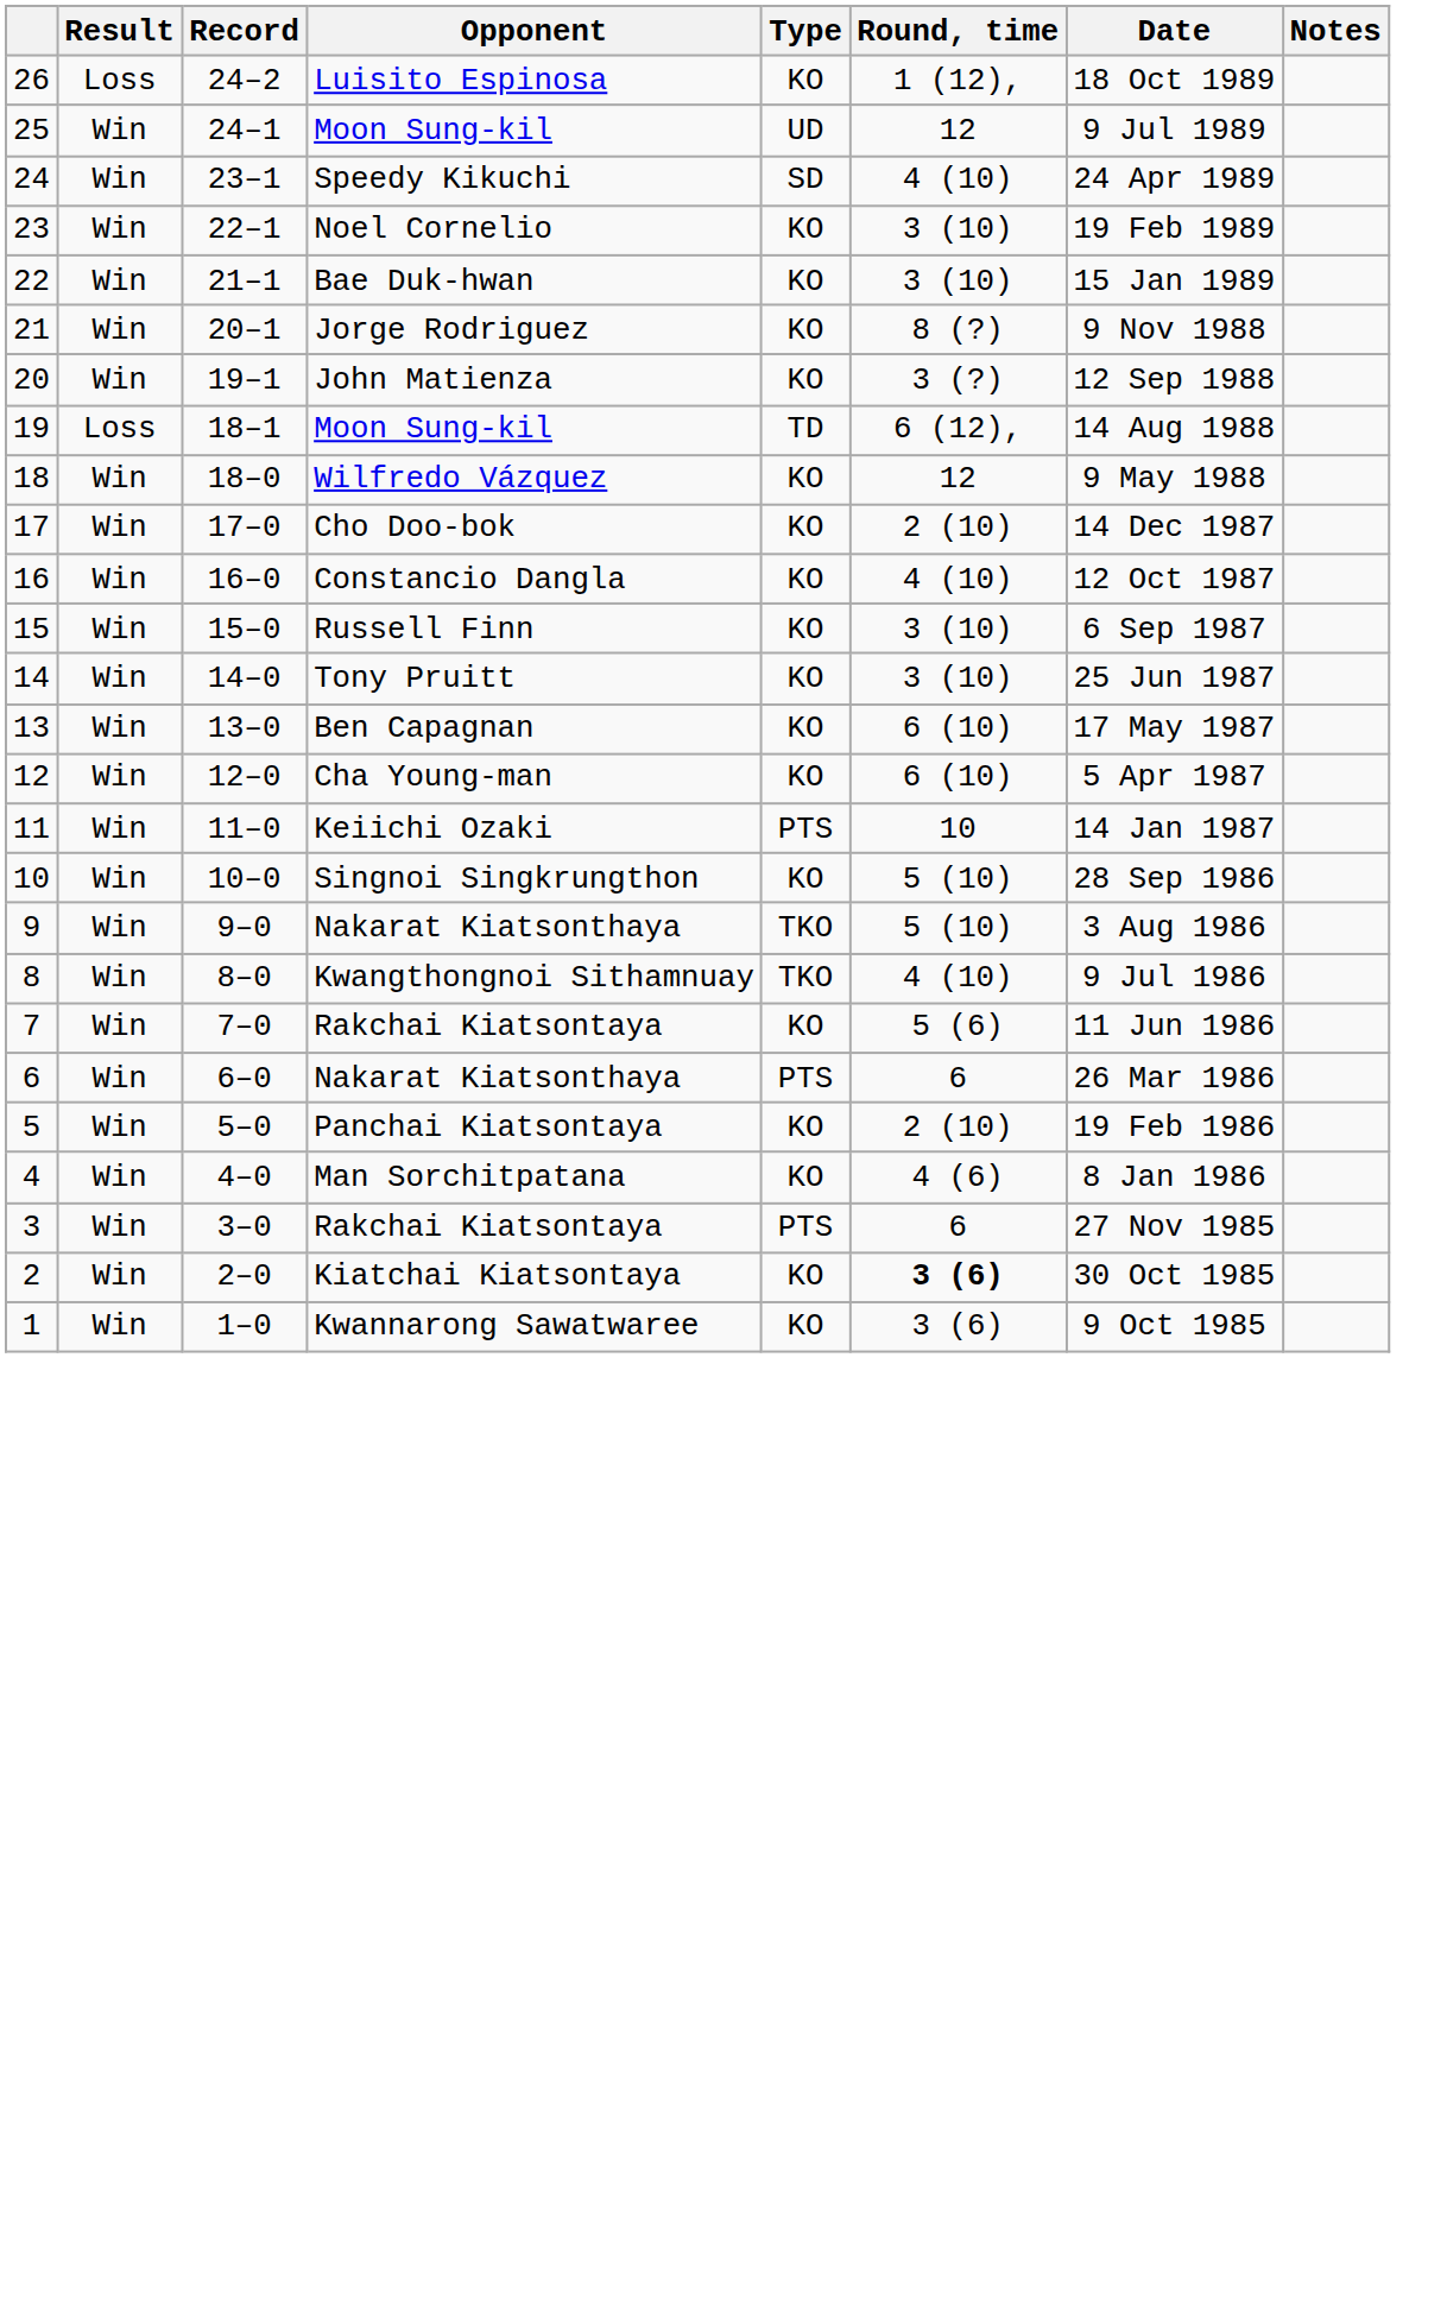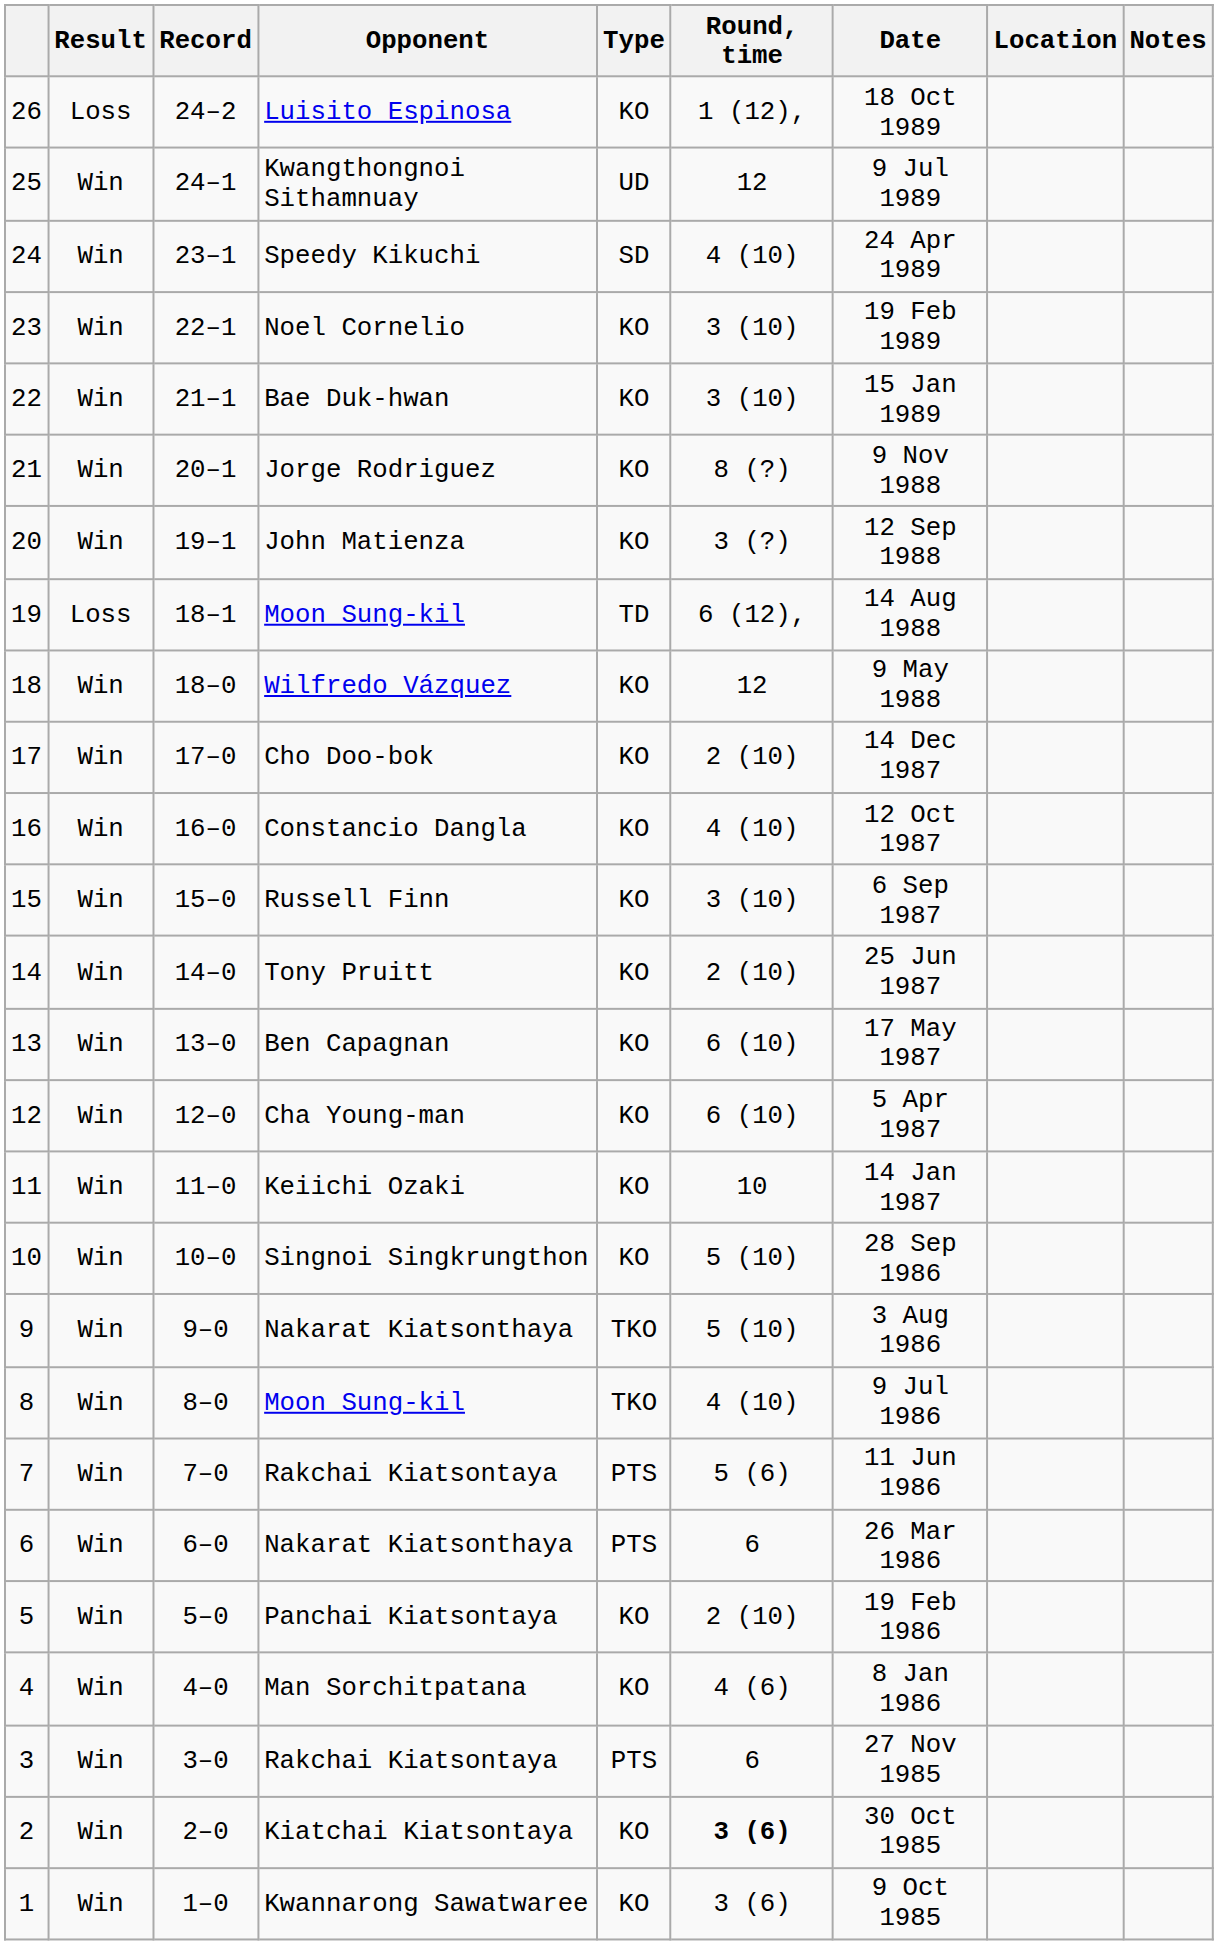 <table class="wikitable" style="text-align:center">
 <tr>
 <th></th>
 <th>Result</th>
 <th>Record</th>
 <th>Opponent</th>
 <th>Type</th>
 <th>Round, time</th>
 <th>Date</th>
+<th>Location</th>
 <th>Notes</th>
 </tr>
 <tr>
 <td>26</td>
 <td>Loss</td>
 <td>24–2</td>
 <td style="text-align:left;"><a href='#'>Luisito Espinosa</a></td>
 <td>KO</td>
 <td>1 (12), </td>
 <td>18 Oct 1989</td>
+<td style="text-align:left;"></td>
 <td align=left></td>
 </tr>
 <tr>
 <td>25</td>
 <td>Win</td>
 <td>24–1</td>
-<td style="text-align:left;"><a href='#'>Moon Sung-kil</a></td>
+<td style="text-align:left;">Kwangthongnoi Sithamnuay</td>
 <td>UD</td>
 <td>12</td>
 <td>9 Jul 1989</td>
+<td style="text-align:left;"></td>
 <td align=left></td>
 </tr>
 <tr>
 <td>24</td>
 <td>Win</td>
 <td>23–1</td>
 <td style="text-align:left;">Speedy Kikuchi</td>
 <td>SD</td>
 <td>4 (10)</td>
 <td>24 Apr 1989</td>
+<td style="text-align:left;"></td>
 <td></td>
 </tr>
 <tr>
 <td>23</td>
 <td>Win</td>
 <td>22–1</td>
 <td style="text-align:left;">Noel Cornelio</td>
 <td>KO</td>
 <td>3 (10)</td>
 <td>19 Feb 1989</td>
+<td style="text-align:left;"></td>
 <td></td>
 </tr>
 <tr>
 <td>22</td>
 <td>Win</td>
 <td>21–1</td>
 <td style="text-align:left;">Bae Duk-hwan</td>
 <td>KO</td>
 <td>3 (10)</td>
 <td>15 Jan 1989</td>
+<td style="text-align:left;"></td>
 <td></td>
 </tr>
 <tr>
 <td>21</td>
 <td>Win</td>
 <td>20–1</td>
 <td style="text-align:left;">Jorge Rodriguez</td>
 <td>KO</td>
 <td>8 (?)</td>
 <td>9 Nov 1988</td>
+<td style="text-align:left;"></td>
 <td></td>
 </tr>
 <tr>
 <td>20</td>
 <td>Win</td>
 <td>19–1</td>
 <td style="text-align:left;">John Matienza</td>
 <td>KO</td>
 <td>3 (?)</td>
 <td>12 Sep 1988</td>
+<td style="text-align:left;"></td>
 <td></td>
 </tr>
 <tr>
 <td>19</td>
 <td>Loss</td>
 <td>18–1</td>
 <td style="text-align:left;"><a href='#'>Moon Sung-kil</a></td>
 <td>TD</td>
 <td>6 (12), </td>
 <td>14 Aug 1988</td>
+<td style="text-align:left;"></td>
 <td align=left></td>
 </tr>
 <tr>
 <td>18</td>
 <td>Win</td>
 <td>18–0</td>
 <td style="text-align:left;"><a href='#'>Wilfredo Vázquez</a></td>
 <td>KO</td>
 <td>12</td>
 <td>9 May 1988</td>
+<td style="text-align:left;"></td>
 <td align=left></td>
 </tr>
 <tr>
 <td>17</td>
 <td>Win</td>
 <td>17–0</td>
 <td style="text-align:left;">Cho Doo-bok</td>
 <td>KO</td>
 <td>2 (10)</td>
 <td>14 Dec 1987</td>
+<td style="text-align:left;"></td>
 <td></td>
 </tr>
 <tr>
 <td>16</td>
 <td>Win</td>
 <td>16–0</td>
 <td style="text-align:left;">Constancio Dangla</td>
 <td>KO</td>
 <td>4 (10)</td>
 <td>12 Oct 1987</td>
+<td style="text-align:left;"></td>
 <td></td>
 </tr>
 <tr>
 <td>15</td>
 <td>Win</td>
 <td>15–0</td>
 <td style="text-align:left;">Russell Finn</td>
 <td>KO</td>
 <td>3 (10)</td>
 <td>6 Sep 1987</td>
+<td style="text-align:left;"></td>
 <td></td>
 </tr>
 <tr>
 <td>14</td>
 <td>Win</td>
 <td>14–0</td>
 <td style="text-align:left;">Tony Pruitt</td>
 <td>KO</td>
-<td>3 (10)</td>
+<td>2 (10)</td>
 <td>25 Jun 1987</td>
+<td style="text-align:left;"></td>
 <td></td>
 </tr>
 <tr>
 <td>13</td>
 <td>Win</td>
 <td>13–0</td>
 <td style="text-align:left;">Ben Capagnan</td>
 <td>KO</td>
 <td>6 (10)</td>
 <td>17 May 1987</td>
+<td style="text-align:left;"></td>
 <td></td>
 </tr>
 <tr>
 <td>12</td>
 <td>Win</td>
 <td>12–0</td>
 <td style="text-align:left;">Cha Young-man</td>
 <td>KO</td>
 <td>6 (10)</td>
 <td>5 Apr 1987</td>
+<td style="text-align:left;"></td>
 <td></td>
 </tr>
 <tr>
 <td>11</td>
 <td>Win</td>
 <td>11–0</td>
 <td style="text-align:left;">Keiichi Ozaki</td>
-<td>PTS</td>
+<td>KO</td>
 <td>10</td>
 <td>14 Jan 1987</td>
+<td style="text-align:left;"></td>
 <td></td>
 </tr>
 <tr>
 <td>10</td>
 <td>Win</td>
 <td>10–0</td>
 <td style="text-align:left;">Singnoi Singkrungthon</td>
 <td>KO</td>
 <td>5 (10)</td>
 <td>28 Sep 1986</td>
+<td style="text-align:left;"></td>
 <td align=left></td>
 </tr>
 <tr>
 <td>9</td>
 <td>Win</td>
 <td>9–0</td>
 <td style="text-align:left;">Nakarat Kiatsonthaya</td>
 <td>TKO</td>
 <td>5 (10)</td>
 <td>3 Aug 1986</td>
+<td style="text-align:left;"></td>
 <td align=left></td>
 </tr>
 <tr>
 <td>8</td>
 <td>Win</td>
 <td>8–0</td>
-<td style="text-align:left;">Kwangthongnoi Sithamnuay</td>
+<td style="text-align:left;"><a href='#'>Moon Sung-kil</a></td>
 <td>TKO</td>
 <td>4 (10)</td>
 <td>9 Jul 1986</td>
+<td style="text-align:left;"></td>
 <td align=left></td>
 </tr>
 <tr>
 <td>7</td>
 <td>Win</td>
 <td>7–0</td>
 <td style="text-align:left;">Rakchai Kiatsontaya</td>
-<td>KO</td>
+<td>PTS</td>
 <td>5 (6)</td>
 <td>11 Jun 1986</td>
+<td style="text-align:left;"></td>
 <td></td>
 </tr>
 <tr>
 <td>6</td>
 <td>Win</td>
 <td>6–0</td>
 <td style="text-align:left;">Nakarat Kiatsonthaya</td>
 <td>PTS</td>
 <td>6</td>
 <td>26 Mar 1986</td>
+<td style="text-align:left;"></td>
 <td></td>
 </tr>
 <tr>
 <td>5</td>
 <td>Win</td>
 <td>5–0</td>
 <td style="text-align:left;">Panchai Kiatsontaya</td>
 <td>KO</td>
 <td>2 (10)</td>
 <td>19 Feb 1986</td>
+<td style="text-align:left;"></td>
 <td></td>
 </tr>
 <tr>
 <td>4</td>
 <td>Win</td>
 <td>4–0</td>
 <td style="text-align:left;">Man Sorchitpatana</td>
 <td>KO</td>
 <td>4 (6)</td>
 <td>8 Jan 1986</td>
+<td style="text-align:left;"></td>
 <td></td>
 </tr>
 <tr>
 <td>3</td>
 <td>Win</td>
 <td>3–0</td>
 <td style="text-align:left;">Rakchai Kiatsontaya</td>
 <td>PTS</td>
 <td>6</td>
 <td>27 Nov 1985</td>
+<td style="text-align:left;"></td>
 <td></td>
 </tr>
 <tr>
 <td>2</td>
 <td>Win</td>
 <td>2–0</td>
 <td style="text-align:left;">Kiatchai Kiatsontaya</td>
 <td>KO</td>
 <td><strong>3 (6)</strong></td>
 <td>30 Oct 1985</td>
+<td style="text-align:left;"></td>
 <td></td>
 </tr>
 <tr>
 <td>1</td>
 <td>Win</td>
 <td>1–0</td>
 <td style="text-align:left;">Kwannarong Sawatwaree</td>
 <td>KO</td>
 <td>3 (6)</td>
 <td>9 Oct 1985</td>
+<td style="text-align:left;"></td>
 <td></td>
 </tr>
 </table>
